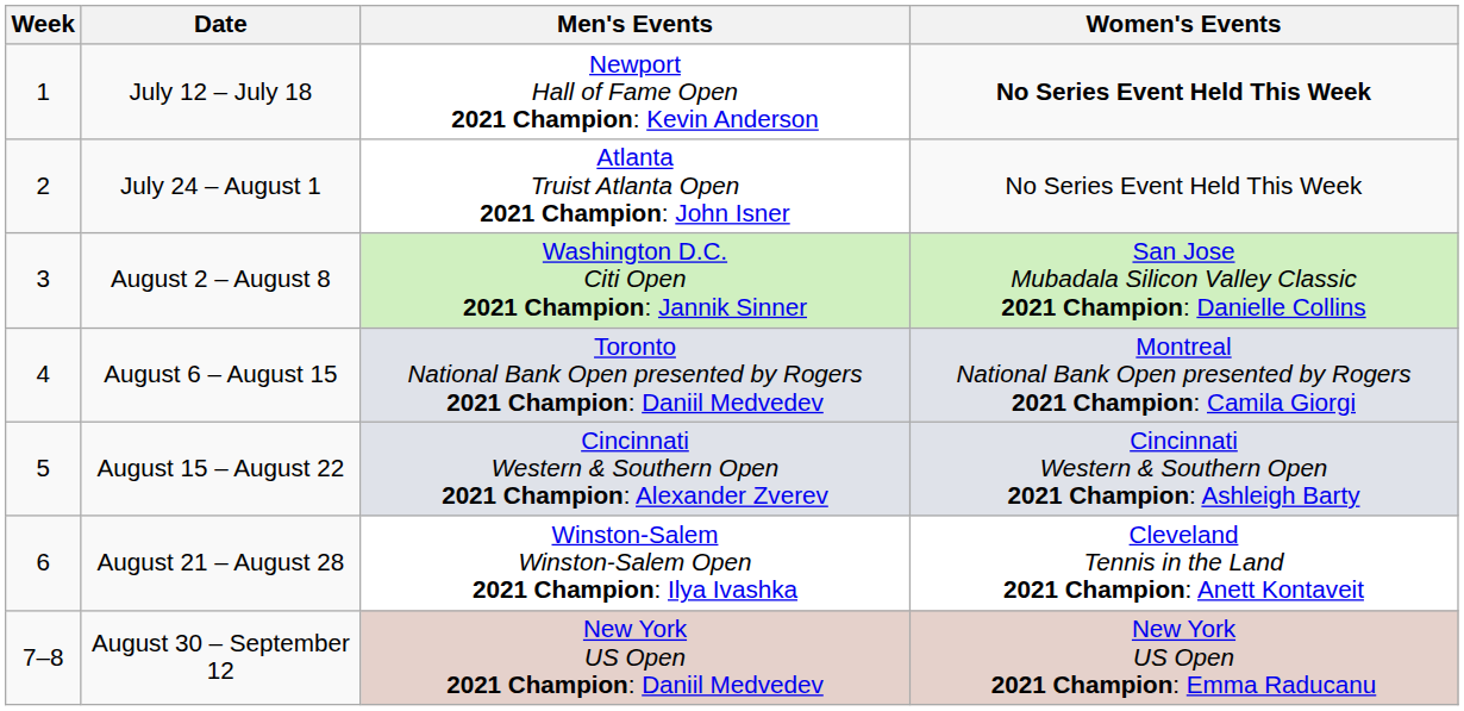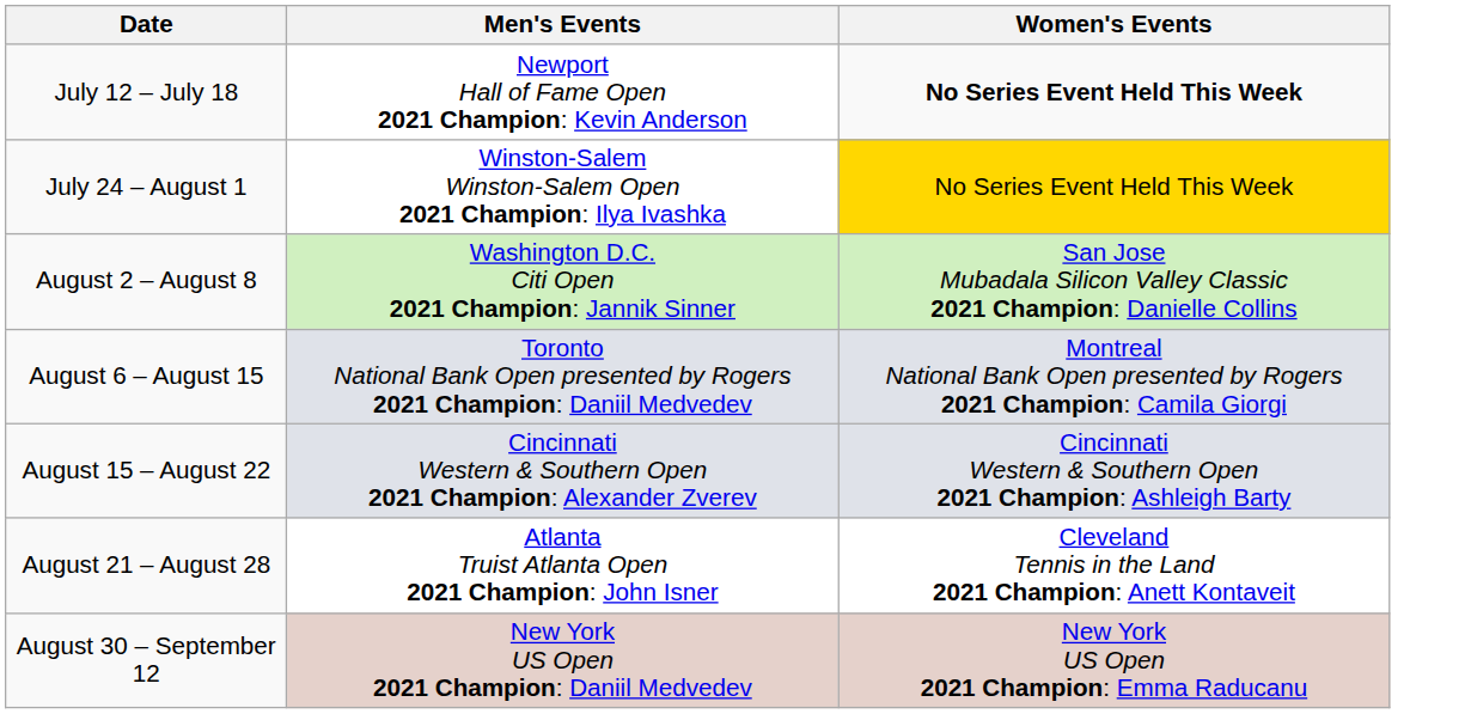 <table class="wikitable">
 <tr>
-<th width=30>Week</th>
 <th width=175>Date</th>
 <th width=350>Men's Events</th>
 <th width=350>Women's Events</th>
 </tr>
 <tr align=center>
-<td>1</td>
 <td>July 12 – July 18</td>
 <td bgcolor="#ffffff"><a href='#'>Newport</a><br><em>Hall of Fame Open</em><br><strong>2021 Champion</strong>:  <a href='#'>Kevin Anderson</a></td>
 <td><strong>No Series Event Held This Week</strong></td>
 </tr>
 <tr align=center>
-<td>2</td>
 <td>July 24 – August 1</td>
-<td bgcolor="#ffffff"><a href='#'>Atlanta</a><br><em>Truist Atlanta Open</em><br><strong>2021 Champion</strong>:  <a href='#'>John Isner</a></td>
-<td>No Series Event Held This Week</td>
+<td bgcolor="#ffffff"><a href='#'>Winston-Salem</a><br><em>Winston-Salem Open</em><br><strong>2021 Champion</strong>:  <a href='#'>Ilya Ivashka</a></td>
+<td style="background: gold;">No Series Event Held This Week</td>
 </tr>
 <tr align=center>
-<td>3</td>
 <td>August 2 – August 8</td>
 <td bgcolor="#d0f0c0 "><a href='#'>Washington D.C.</a><br><em>Citi Open</em><br><strong>2021 Champion</strong>:  <a href='#'>Jannik Sinner</a></td>
 <td bgcolor=#d0f0c0><a href='#'>San Jose</a><br><em>Mubadala Silicon Valley Classic</em><br><strong>2021 Champion</strong>:  <a href='#'>Danielle Collins</a></td>
 </tr>
 <tr align=center>
-<td>4</td>
 <td>August 6 – August 15</td>
 <td bgcolor="#dfe2e9"><a href='#'>Toronto</a><br><em>National Bank Open presented by Rogers</em><br><strong>2021 Champion</strong>:  <a href='#'>Daniil Medvedev</a></td>
 <td bgcolor=#dfe2e9><a href='#'>Montreal</a><br><em>National Bank Open presented by Rogers</em><br><strong>2021 Champion</strong>:  <a href='#'>Camila Giorgi</a></td>
 </tr>
 <tr align=center>
-<td>5</td>
 <td>August 15 – August 22</td>
 <td bgcolor="#dfe2e9"><a href='#'>Cincinnati</a><br><em>Western & Southern Open</em><br><strong>2021 Champion</strong>:  <a href='#'>Alexander Zverev</a></td>
 <td bgcolor=#dfe2e9><a href='#'>Cincinnati</a><br><em>Western & Southern Open</em><br><strong>2021 Champion</strong>:  <a href='#'>Ashleigh Barty</a></td>
 </tr>
 <tr align=center>
-<td>6</td>
 <td>August 21 – August 28</td>
-<td bgcolor="#ffffff"><a href='#'>Winston-Salem</a><br><em>Winston-Salem Open</em><br><strong>2021 Champion</strong>:  <a href='#'>Ilya Ivashka</a></td>
+<td bgcolor="#ffffff"><a href='#'>Atlanta</a><br><em>Truist Atlanta Open</em><br><strong>2021 Champion</strong>:  <a href='#'>John Isner</a></td>
 <td bgcolor=#ffffff><a href='#'>Cleveland</a><br><em>Tennis in the Land</em><br><strong>2021 Champion</strong>:  <a href='#'>Anett Kontaveit</a></td>
 </tr>
 <tr align=center>
-<td>7–8</td>
 <td>August 30 – September 12</td>
 <td bgcolor="#e5d1cb"><a href='#'>New York</a><br> <em>US Open</em><br><strong>2021 Champion</strong>:  <a href='#'>Daniil Medvedev</a></td>
 <td bgcolor="e5d1cb"><a href='#'>New York</a><br> <em>US Open</em><br><strong>2021 Champion</strong>:  <a href='#'>Emma Raducanu</a></td>
 </tr>
 </table>
